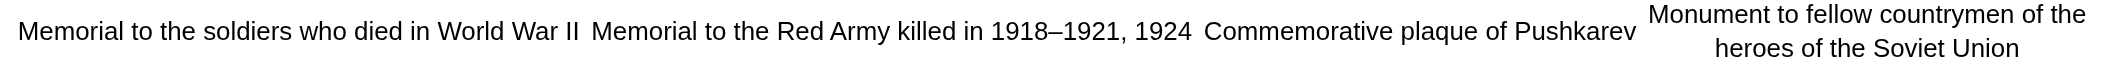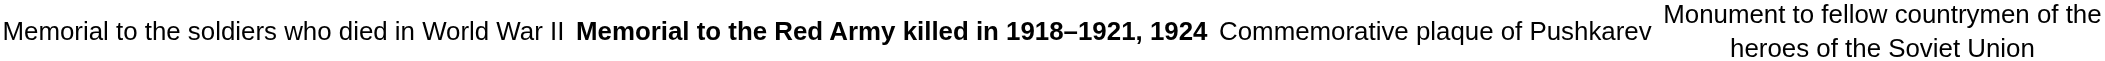 <table class="toccolours" border="0" cellpadding="2" cellspacing="2" style="margin:1em auto;">
 <tr>
 <td></td>
 <td></td>
 <td></td>
 <td></td>
 </tr>
 <tr>
 <td style="text-align: center;"><small> Memorial to the soldiers who died in World War II</small></td>
-<td style="text-align: center;"><small> Memorial to the Red Army killed in 1918–1921, 1924</small></td>
+<td style="text-align: center;"><strong><small> Memorial to the Red Army killed in 1918–1921, 1924</small></strong></td>
 <td style="text-align: center;"><small> Commemorative plaque of Pushkarev</small></td>
 <td style="text-align: center;"><small> Monument to fellow countrymen of the <br>heroes of the Soviet Union</small></td>
 </tr>
 </table>
